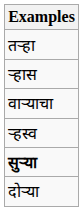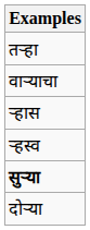 <table class="wikitable">
 <tr>
 <th>Examples</th>
 </tr>
 <tr>
 <td>तर्‍हा</td>
 </tr>
 <tr>
-<td>ऱ्हास</td>
+<td>वाऱ्याचा</td>
 </tr>
 <tr>
-<td>वाऱ्याचा</td>
+<td>ऱ्हास</td>
 </tr>
 <tr>
 <td>ऱ्हस्व</td>
 </tr>
 <tr>
 <td><strong>सुऱ्या</strong></td>
 </tr>
 <tr>
 <td>दोऱ्या</td>
 </tr>
 </table>
